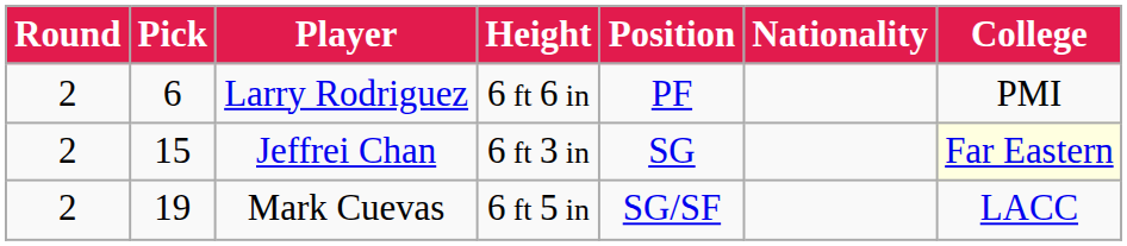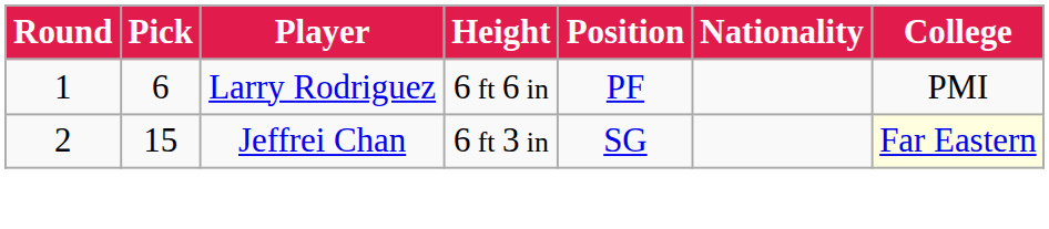 <table class="wikitable sortable sortable">
 <tr>
 <th style="background:#E21B4D; color:#FFFFFF; ">Round</th>
 <th style="background:#E21B4D; color:#FFFFFF; ">Pick</th>
 <th style="background:#E21B4D; color:#FFFFFF; ">Player</th>
 <th style="background:#E21B4D; color:#FFFFFF; ">Height</th>
 <th style="background:#E21B4D; color:#FFFFFF; ">Position</th>
 <th style="background:#E21B4D; color:#FFFFFF; ">Nationality</th>
 <th style="background:#E21B4D; color:#FFFFFF; ">College</th>
 </tr>
 <tr style="text-align: center">
-<td>2</td>
+<td>1</td>
 <td>6</td>
 <td><a href='#'>Larry Rodriguez</a></td>
 <td>6<small> ft </small>6<small> in </small></td>
 <td><a href='#'>PF</a></td>
 <td></td>
 <td>PMI</td>
 </tr>
 <tr style="text-align: center">
 <td>2</td>
 <td>15</td>
 <td><a href='#'>Jeffrei Chan</a></td>
 <td>6<small> ft </small>3<small> in </small></td>
 <td><a href='#'>SG</a></td>
 <td></td>
 <td style="background: lightyellow;"><a href='#'>Far Eastern</a></td>
 </tr>
-<tr style="text-align: center">
-<td>2</td>
-<td>19</td>
-<td>Mark Cuevas</td>
-<td>6<small> ft </small>5<small> in </small></td>
-<td><a href='#'>SG/SF</a></td>
-<td><br></td>
-<td><a href='#'>LACC</a></td>
-</tr>
 </table>
